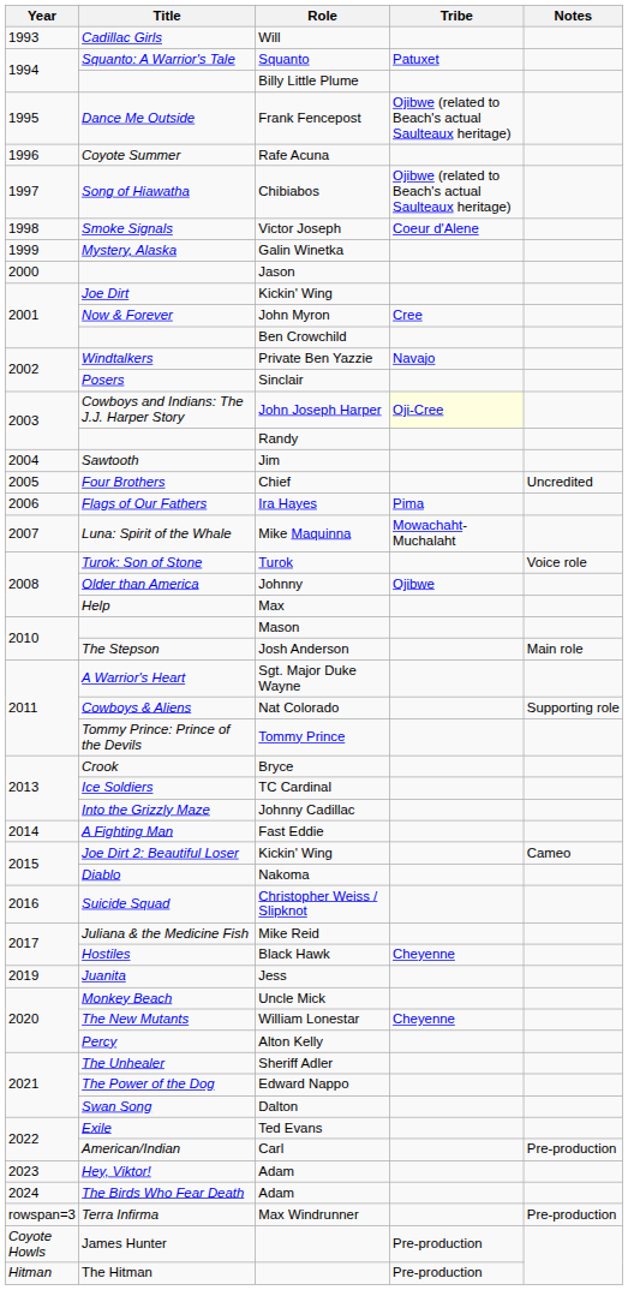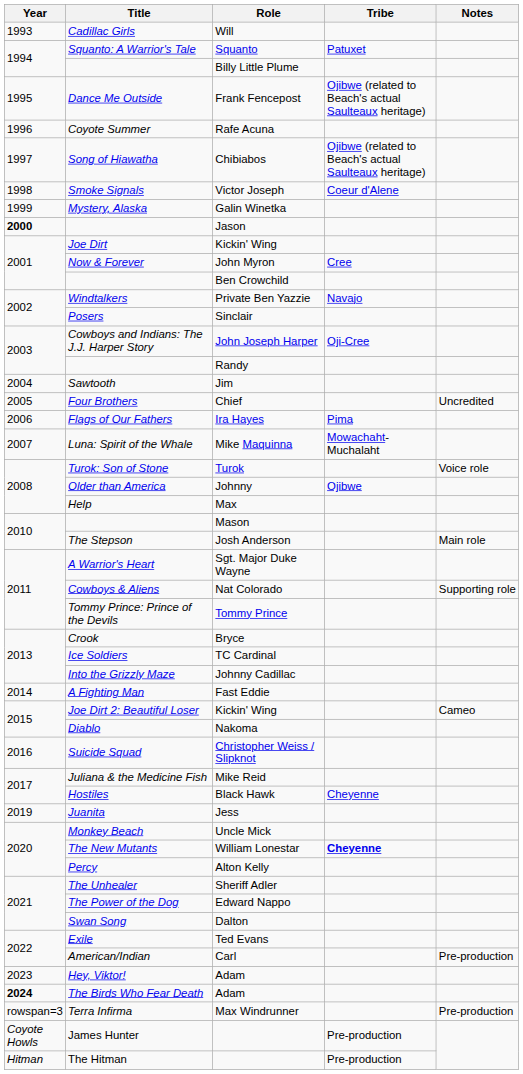 <table class="wikitable sortable">
 <tr>
 <th style="width:50px;">Year</th>
 <th style="width:200px;">Title</th>
 <th style="width:150px;">Role</th>
 <th style="width:150px;">Tribe</th>
 <th>Notes</th>
 </tr>
 <tr>
 <td>1993</td>
 <td><em><a href='#'>Cadillac Girls</a></em></td>
 <td>Will</td>
 <td></td>
 <td></td>
 </tr>
 <tr>
 <td rowspan=2>1994</td>
 <td><em><a href='#'>Squanto: A Warrior's Tale</a></em></td>
 <td><a href='#'>Squanto</a></td>
 <td><a href='#'>Patuxet</a></td>
 <td></td>
 </tr>
 <tr>
 <td><em></em></td>
 <td>Billy Little Plume</td>
 <td></td>
 <td></td>
 </tr>
 <tr>
 <td>1995</td>
 <td><em><a href='#'>Dance Me Outside</a></em></td>
 <td>Frank Fencepost</td>
 <td><a href='#'>Ojibwe</a> (related to Beach's actual <a href='#'>Saulteaux</a> heritage)</td>
 <td></td>
 </tr>
 <tr>
 <td>1996</td>
 <td><em>Coyote Summer</em></td>
 <td>Rafe Acuna</td>
 <td></td>
 <td></td>
 </tr>
 <tr>
 <td>1997</td>
 <td><em><a href='#'>Song of Hiawatha</a></em></td>
 <td>Chibiabos</td>
 <td><a href='#'>Ojibwe</a> (related to Beach's actual <a href='#'>Saulteaux</a> heritage)</td>
 <td></td>
 </tr>
 <tr>
 <td>1998</td>
 <td><em><a href='#'>Smoke Signals</a></em></td>
 <td>Victor Joseph</td>
 <td><a href='#'>Coeur d'Alene</a></td>
 <td></td>
 </tr>
 <tr>
 <td>1999</td>
 <td><em><a href='#'>Mystery, Alaska</a></em></td>
 <td>Galin Winetka</td>
 <td></td>
 <td></td>
 </tr>
 <tr>
-<td>2000</td>
+<td><strong>2000</strong></td>
 <td><em></em></td>
 <td>Jason</td>
 <td></td>
 <td></td>
 </tr>
 <tr>
 <td rowspan=3>2001</td>
 <td><em><a href='#'>Joe Dirt</a></em></td>
 <td>Kickin' Wing</td>
 <td></td>
 <td></td>
 </tr>
 <tr>
 <td><em><a href='#'>Now & Forever</a></em></td>
 <td>John Myron</td>
 <td><a href='#'>Cree</a></td>
 <td></td>
 </tr>
 <tr>
 <td><em></em></td>
 <td>Ben Crowchild</td>
 <td></td>
 <td></td>
 </tr>
 <tr>
 <td rowspan=2>2002</td>
 <td><em><a href='#'>Windtalkers</a></em></td>
 <td>Private Ben Yazzie</td>
 <td><a href='#'>Navajo</a></td>
 <td></td>
 </tr>
 <tr>
 <td><em><a href='#'>Posers</a></em></td>
 <td>Sinclair</td>
 <td></td>
 <td></td>
 </tr>
 <tr>
 <td rowspan=2>2003</td>
 <td><em>Cowboys and Indians: The J.J. Harper Story</em></td>
 <td><a href='#'>John Joseph Harper</a></td>
-<td style="background: lightyellow;"><a href='#'>Oji-Cree</a></td>
+<td><a href='#'>Oji-Cree</a></td>
 <td></td>
 </tr>
 <tr>
 <td><em></em></td>
 <td>Randy</td>
 <td></td>
 <td></td>
 </tr>
 <tr>
 <td>2004</td>
 <td><em>Sawtooth</em></td>
 <td>Jim</td>
 <td></td>
 <td></td>
 </tr>
 <tr>
 <td>2005</td>
 <td><em><a href='#'>Four Brothers</a></em></td>
 <td>Chief</td>
 <td></td>
 <td>Uncredited</td>
 </tr>
 <tr>
 <td>2006</td>
 <td><em><a href='#'>Flags of Our Fathers</a></em></td>
 <td><a href='#'>Ira Hayes</a></td>
 <td><a href='#'>Pima</a></td>
 <td></td>
 </tr>
 <tr>
 <td>2007</td>
 <td><em>Luna: Spirit of the Whale</em></td>
 <td>Mike <a href='#'>Maquinna</a></td>
 <td><a href='#'>Mowachaht</a>-Muchalaht</td>
 <td></td>
 </tr>
 <tr>
 <td rowspan=3>2008</td>
 <td><em><a href='#'>Turok: Son of Stone</a></em></td>
 <td><a href='#'>Turok</a></td>
 <td></td>
 <td>Voice role</td>
 </tr>
 <tr>
 <td><em><a href='#'>Older than America</a></em></td>
 <td>Johnny</td>
 <td><a href='#'>Ojibwe</a></td>
 <td></td>
 </tr>
 <tr>
 <td><em>Help</em></td>
 <td>Max</td>
 <td></td>
 <td></td>
 </tr>
 <tr>
 <td rowspan=2>2010</td>
 <td><em></em></td>
 <td>Mason</td>
 <td></td>
 <td></td>
 </tr>
 <tr>
 <td data-sort-value="Stepson, The"><em>The Stepson</em></td>
 <td>Josh Anderson</td>
 <td></td>
 <td>Main role</td>
 </tr>
 <tr>
 <td rowspan=3>2011</td>
 <td data-sort-value="Warrior's Heart, A"><em><a href='#'>A Warrior's Heart</a></em></td>
 <td>Sgt. Major Duke Wayne</td>
 <td></td>
 <td></td>
 </tr>
 <tr>
 <td><em><a href='#'>Cowboys & Aliens</a></em></td>
 <td>Nat Colorado</td>
 <td></td>
 <td>Supporting role</td>
 </tr>
 <tr>
 <td><em>Tommy Prince: Prince of the Devils</em></td>
 <td><a href='#'>Tommy Prince</a></td>
 <td></td>
 <td></td>
 </tr>
 <tr>
 <td rowspan=3>2013</td>
 <td><em>Crook</em></td>
 <td>Bryce</td>
 <td></td>
 <td></td>
 </tr>
 <tr>
 <td><em><a href='#'>Ice Soldiers</a></em></td>
 <td>TC Cardinal</td>
 <td></td>
 <td></td>
 </tr>
 <tr>
 <td><em><a href='#'>Into the Grizzly Maze</a></em></td>
 <td>Johnny Cadillac</td>
 <td></td>
 <td></td>
 </tr>
 <tr>
 <td>2014</td>
 <td data-sort-value="Fighting Man, A"><em><a href='#'>A Fighting Man</a></em></td>
 <td>Fast Eddie</td>
 <td></td>
 <td></td>
 </tr>
 <tr>
 <td rowspan=2>2015</td>
 <td><em><a href='#'>Joe Dirt 2: Beautiful Loser</a></em></td>
 <td>Kickin' Wing</td>
 <td></td>
 <td>Cameo</td>
 </tr>
 <tr>
 <td><em><a href='#'>Diablo</a></em></td>
 <td>Nakoma</td>
 <td></td>
 </tr>
 <tr>
 <td>2016</td>
 <td><em><a href='#'>Suicide Squad</a></em></td>
 <td><a href='#'>Christopher Weiss / Slipknot</a></td>
 <td></td>
 <td></td>
 </tr>
 <tr>
 <td rowspan=2>2017</td>
 <td><em>Juliana & the Medicine Fish</em></td>
 <td>Mike Reid</td>
 <td></td>
 <td></td>
 </tr>
 <tr>
 <td><em><a href='#'>Hostiles</a></em></td>
 <td>Black Hawk</td>
 <td><a href='#'>Cheyenne</a></td>
 <td></td>
 </tr>
 <tr>
 <td>2019</td>
 <td><em><a href='#'>Juanita</a></em></td>
 <td>Jess</td>
 <td></td>
 <td></td>
 </tr>
 <tr>
 <td rowspan=3>2020</td>
 <td><em><a href='#'>Monkey Beach</a></em></td>
 <td>Uncle Mick</td>
 <td></td>
 <td></td>
 </tr>
 <tr>
 <td data-sort-value="New Mutants, The"><em><a href='#'>The New Mutants</a></em></td>
 <td>William Lonestar</td>
-<td><a href='#'>Cheyenne</a></td>
+<td><strong><a href='#'>Cheyenne</a></strong></td>
 <td></td>
 </tr>
 <tr>
 <td><em><a href='#'>Percy</a></em></td>
 <td>Alton Kelly</td>
 <td></td>
 <td></td>
 </tr>
 <tr>
 <td rowspan=3>2021</td>
 <td data-sort-value="Unhealer, The"><em><a href='#'>The Unhealer</a></em></td>
 <td>Sheriff Adler</td>
 <td></td>
 <td></td>
 </tr>
 <tr>
 <td data-sort-value="Power of the Dog, The"><em><a href='#'>The Power of the Dog</a></em></td>
 <td>Edward Nappo</td>
 <td></td>
 <td></td>
 </tr>
 <tr>
 <td><em><a href='#'>Swan Song</a></em></td>
 <td>Dalton</td>
 <td></td>
 <td></td>
 </tr>
 <tr>
 <td rowspan=2>2022</td>
 <td><em><a href='#'>Exile</a></em></td>
 <td>Ted Evans</td>
 <td></td>
 <td></td>
 </tr>
 <tr>
 <td><em>American/Indian</em></td>
 <td>Carl</td>
 <td></td>
 <td>Pre-production</td>
 </tr>
 <tr>
 <td>2023</td>
 <td><em><a href='#'>Hey, Viktor!</a></em></td>
 <td>Adam</td>
 <td></td>
 <td></td>
 </tr>
 <tr>
-<td>2024</td>
+<td><strong>2024</strong></td>
 <td><em><a href='#'>The Birds Who Fear Death</a></em></td>
 <td>Adam</td>
 <td></td>
 <td></td>
 </tr>
 <tr>
 <td>rowspan=3 </td>
 <td><em>Terra Infirma</em></td>
 <td>Max Windrunner</td>
 <td></td>
 <td>Pre-production</td>
 </tr>
 <tr>
 <td><em>Coyote Howls</em></td>
 <td>James Hunter</td>
 <td></td>
 <td>Pre-production</td>
 </tr>
 <tr>
 <td><em>Hitman</em></td>
 <td>The Hitman</td>
 <td></td>
 <td>Pre-production</td>
 </tr>
 </table>
